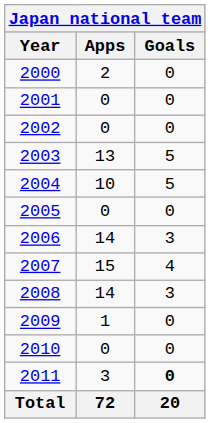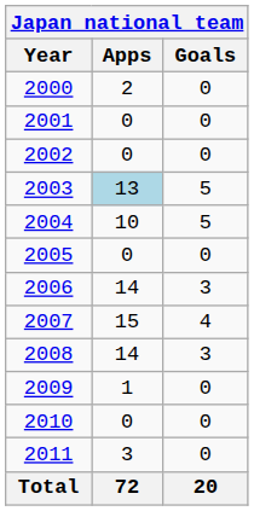 <table class="wikitable" style="text-align:center">
 <tr>
 <th colspan=3><a href='#'>Japan national team</a></th>
 </tr>
 <tr>
 <th>Year</th>
 <th>Apps</th>
 <th>Goals</th>
 </tr>
 <tr>
 <td><a href='#'>2000</a></td>
 <td>2</td>
 <td>0</td>
 </tr>
 <tr>
 <td><a href='#'>2001</a></td>
 <td>0</td>
 <td>0</td>
 </tr>
 <tr>
 <td><a href='#'>2002</a></td>
 <td>0</td>
 <td>0</td>
 </tr>
 <tr>
 <td><a href='#'>2003</a></td>
-<td>13</td>
+<td style="background: lightblue;">13</td>
 <td>5</td>
 </tr>
 <tr>
 <td><a href='#'>2004</a></td>
 <td>10</td>
 <td>5</td>
 </tr>
 <tr>
 <td><a href='#'>2005</a></td>
 <td>0</td>
 <td>0</td>
 </tr>
 <tr>
 <td><a href='#'>2006</a></td>
 <td>14</td>
 <td>3</td>
 </tr>
 <tr>
 <td><a href='#'>2007</a></td>
 <td>15</td>
 <td>4</td>
 </tr>
 <tr>
 <td><a href='#'>2008</a></td>
 <td>14</td>
 <td>3</td>
 </tr>
 <tr>
 <td><a href='#'>2009</a></td>
 <td>1</td>
 <td>0</td>
 </tr>
 <tr>
 <td><a href='#'>2010</a></td>
 <td>0</td>
 <td>0</td>
 </tr>
 <tr>
 <td><a href='#'>2011</a></td>
 <td>3</td>
-<td><strong>0</strong></td>
+<td>0</td>
 </tr>
 <tr>
 <th>Total</th>
 <th>72</th>
 <th>20</th>
 </tr>
 </table>
